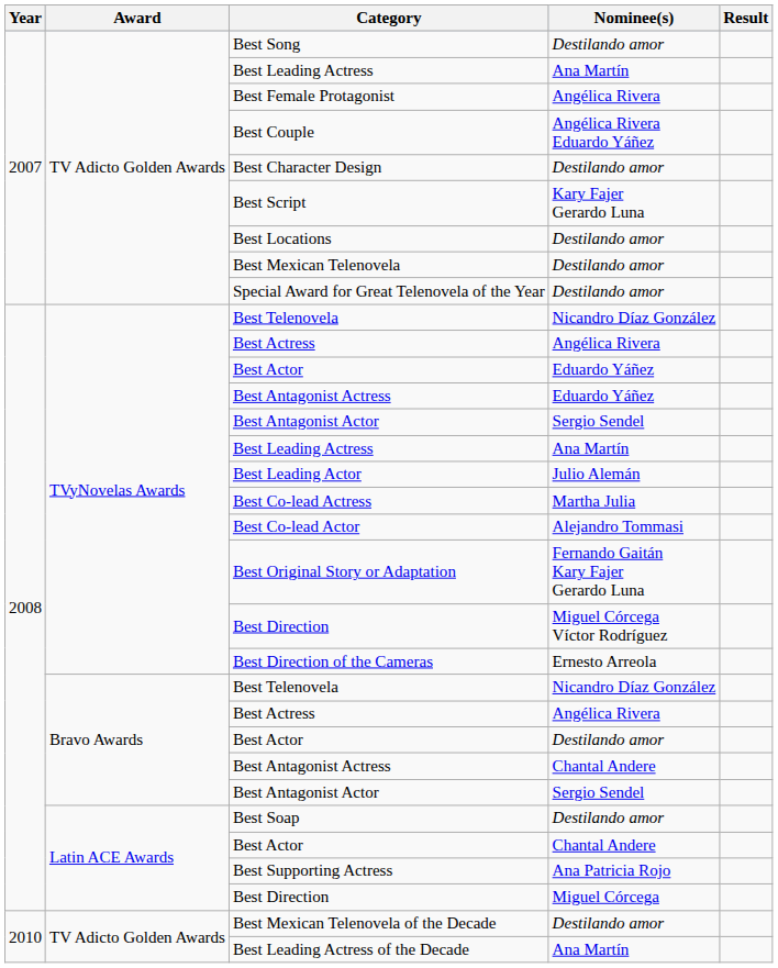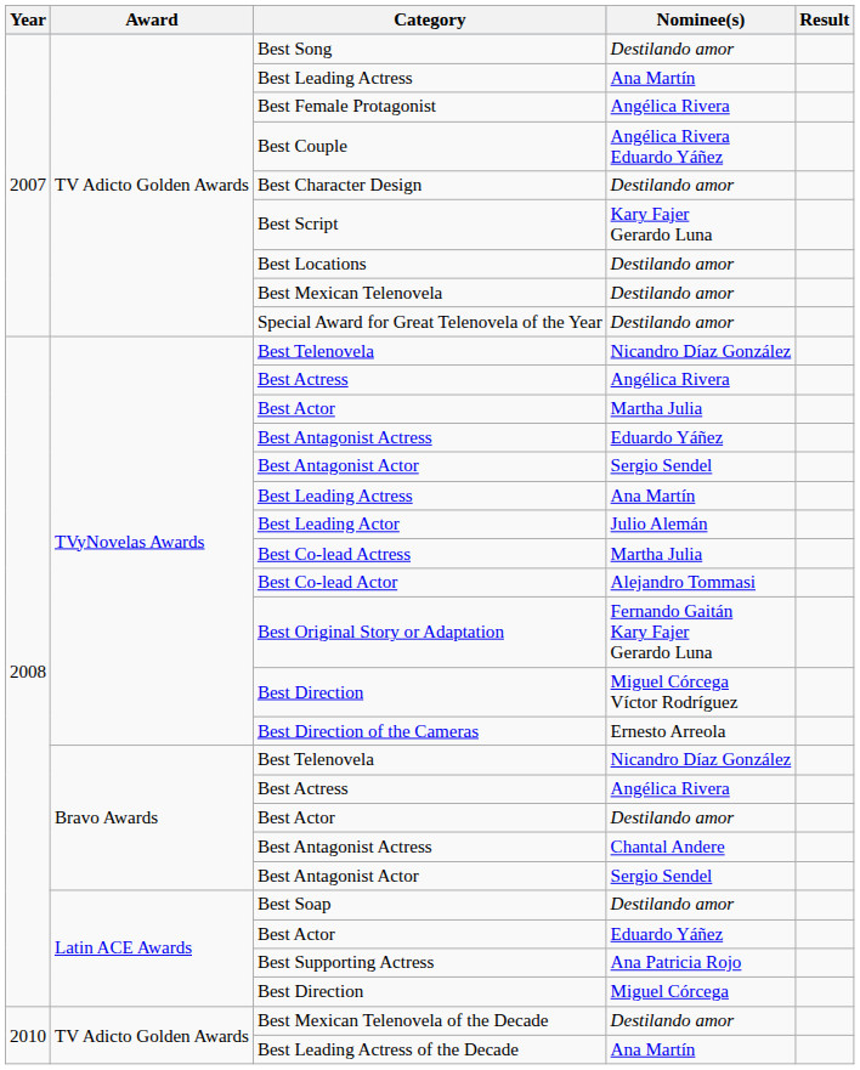 <table class="wikitable">
 <tr style="background:#b0c4de;">
 <th>Year</th>
 <th>Award</th>
 <th>Category</th>
 <th>Nominee(s)</th>
 <th>Result</th>
 </tr>
 <tr>
 <td rowspan=9>2007</td>
 <td rowspan=9>TV Adicto Golden Awards</td>
 <td>Best Song</td>
 <td><em>Destilando amor</em></td>
 <td></td>
 </tr>
 <tr>
 <td>Best Leading Actress</td>
 <td><a href='#'>Ana Martín</a></td>
 <td></td>
 </tr>
 <tr>
 <td>Best Female Protagonist</td>
 <td><a href='#'>Angélica Rivera</a></td>
 <td></td>
 </tr>
 <tr>
 <td>Best Couple</td>
 <td><a href='#'>Angélica Rivera</a> <br> <a href='#'>Eduardo Yáñez</a></td>
 <td></td>
 </tr>
 <tr>
 <td>Best Character Design</td>
 <td><em>Destilando amor</em></td>
 <td></td>
 </tr>
 <tr>
 <td>Best Script</td>
 <td><a href='#'>Kary Fajer</a> <br> Gerardo Luna</td>
 <td></td>
 </tr>
 <tr>
 <td>Best Locations</td>
 <td><em>Destilando amor</em></td>
 <td></td>
 </tr>
 <tr>
 <td>Best Mexican Telenovela</td>
 <td><em>Destilando amor</em></td>
 <td></td>
 </tr>
 <tr>
 <td>Special Award for Great Telenovela of the Year</td>
 <td><em>Destilando amor</em></td>
 <td></td>
 </tr>
 <tr>
 <td rowspan=21>2008</td>
 <td rowspan=12><a href='#'>TVyNovelas Awards</a></td>
 <td><a href='#'>Best Telenovela</a></td>
 <td><a href='#'>Nicandro Díaz González</a></td>
 <td></td>
 </tr>
 <tr>
 <td><a href='#'>Best Actress</a></td>
 <td><a href='#'>Angélica Rivera</a></td>
 <td></td>
 </tr>
 <tr>
 <td><a href='#'>Best Actor</a></td>
-<td><a href='#'>Eduardo Yáñez</a></td>
+<td><a href='#'>Martha Julia</a></td>
 <td></td>
 </tr>
 <tr>
 <td><a href='#'>Best Antagonist Actress</a></td>
 <td><a href='#'>Eduardo Yáñez</a></td>
 <td></td>
 </tr>
 <tr>
 <td><a href='#'>Best Antagonist Actor</a></td>
 <td><a href='#'>Sergio Sendel</a></td>
 <td></td>
 </tr>
 <tr>
 <td><a href='#'>Best Leading Actress</a></td>
 <td><a href='#'>Ana Martín</a></td>
 <td></td>
 </tr>
 <tr>
 <td><a href='#'>Best Leading Actor</a></td>
 <td><a href='#'>Julio Alemán</a></td>
 <td></td>
 </tr>
 <tr>
 <td><a href='#'>Best Co-lead Actress</a></td>
 <td><a href='#'>Martha Julia</a></td>
 <td></td>
 </tr>
 <tr>
 <td><a href='#'>Best Co-lead Actor</a></td>
 <td><a href='#'>Alejandro Tommasi</a></td>
 <td></td>
 </tr>
 <tr>
 <td><a href='#'>Best Original Story or Adaptation</a></td>
 <td><a href='#'>Fernando Gaitán</a> <br> <a href='#'>Kary Fajer</a> <br> Gerardo Luna</td>
 <td></td>
 </tr>
 <tr>
 <td><a href='#'>Best Direction</a></td>
 <td><a href='#'>Miguel Córcega</a> <br> Víctor Rodríguez</td>
 <td></td>
 </tr>
 <tr>
 <td><a href='#'>Best Direction of the Cameras</a></td>
 <td>Ernesto Arreola</td>
 <td></td>
 </tr>
 <tr>
 <td rowspan=5>Bravo Awards</td>
 <td>Best Telenovela</td>
 <td><a href='#'>Nicandro Díaz González</a></td>
 <td></td>
 </tr>
 <tr>
 <td>Best Actress</td>
 <td><a href='#'>Angélica Rivera</a></td>
 <td></td>
 </tr>
 <tr>
 <td>Best Actor</td>
 <td><em>Destilando amor</em></td>
 <td></td>
 </tr>
 <tr>
 <td>Best Antagonist Actress</td>
 <td><a href='#'>Chantal Andere</a></td>
 <td></td>
 </tr>
 <tr>
 <td>Best Antagonist Actor</td>
 <td><a href='#'>Sergio Sendel</a></td>
 <td></td>
 </tr>
 <tr>
 <td rowspan=4><a href='#'>Latin ACE Awards</a></td>
 <td>Best Soap</td>
 <td><em>Destilando amor</em></td>
 <td></td>
 </tr>
 <tr>
 <td>Best Actor</td>
-<td><a href='#'>Chantal Andere</a></td>
+<td><a href='#'>Eduardo Yáñez</a></td>
 <td></td>
 </tr>
 <tr>
 <td>Best Supporting Actress</td>
 <td><a href='#'>Ana Patricia Rojo</a></td>
 <td></td>
 </tr>
 <tr>
 <td>Best Direction</td>
 <td><a href='#'>Miguel Córcega</a></td>
 <td></td>
 </tr>
 <tr>
 <td rowspan=2>2010</td>
 <td rowspan=2>TV Adicto Golden Awards</td>
 <td>Best Mexican Telenovela of the Decade</td>
 <td><em>Destilando amor</em></td>
 <td></td>
 </tr>
 <tr>
 <td>Best Leading Actress of the Decade</td>
 <td><a href='#'>Ana Martín</a></td>
 <td></td>
 </tr>
 </table>
